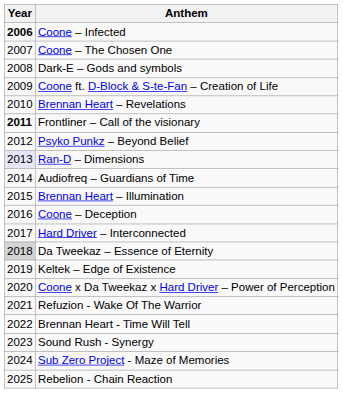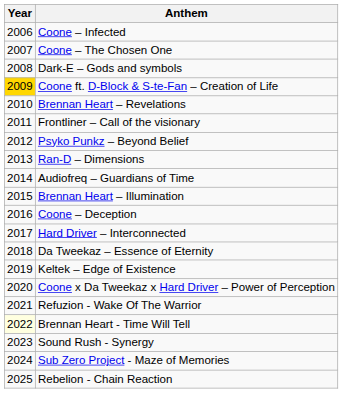 <table class="wikitable">
 <tr>
 <th>Year</th>
 <th>Anthem</th>
 </tr>
 <tr>
-<td><strong>2006</strong></td>
+<td>2006</td>
 <td><a href='#'>Coone</a> – Infected</td>
 </tr>
 <tr>
 <td>2007</td>
 <td><a href='#'>Coone</a> – The Chosen One</td>
 </tr>
 <tr>
 <td>2008</td>
 <td>Dark-E – Gods and symbols</td>
 </tr>
 <tr>
-<td>2009</td>
+<td style="background: gold;">2009</td>
 <td><a href='#'>Coone</a> ft. <a href='#'>D-Block & S-te-Fan</a> – Creation of Life</td>
 </tr>
 <tr>
 <td>2010</td>
 <td><a href='#'>Brennan Heart</a> – Revelations</td>
 </tr>
 <tr>
-<td><strong>2011</strong></td>
+<td>2011</td>
 <td>Frontliner – Call of the visionary</td>
 </tr>
 <tr>
 <td>2012</td>
 <td><a href='#'>Psyko Punkz</a> – Beyond Belief</td>
 </tr>
 <tr>
-<td style="background: lavender;">2013</td>
+<td>2013</td>
 <td><a href='#'>Ran-D</a> – Dimensions</td>
 </tr>
 <tr>
 <td>2014</td>
 <td>Audiofreq – Guardians of Time</td>
 </tr>
 <tr>
 <td>2015</td>
 <td><a href='#'>Brennan Heart</a> – Illumination</td>
 </tr>
 <tr>
 <td>2016</td>
 <td><a href='#'>Coone</a> – Deception</td>
 </tr>
 <tr>
 <td>2017</td>
 <td><a href='#'>Hard Driver</a> – Interconnected</td>
 </tr>
 <tr>
-<td style="background: lightgrey;">2018</td>
+<td>2018</td>
 <td>Da Tweekaz – Essence of Eternity</td>
 </tr>
 <tr>
 <td>2019</td>
 <td>Keltek – Edge of Existence</td>
 </tr>
 <tr>
 <td>2020</td>
 <td><a href='#'>Coone</a> x Da Tweekaz x <a href='#'>Hard Driver</a> – Power of Perception</td>
 </tr>
 <tr>
 <td>2021</td>
 <td>Refuzion - Wake Of The Warrior</td>
 </tr>
 <tr>
-<td>2022</td>
+<td style="background: lightyellow;">2022</td>
 <td>Brennan Heart - Time Will Tell</td>
 </tr>
 <tr>
 <td>2023</td>
 <td>Sound Rush - Synergy</td>
 </tr>
 <tr>
 <td>2024</td>
 <td><a href='#'>Sub Zero Project</a> - Maze of Memories</td>
 </tr>
 <tr>
 <td>2025</td>
 <td>Rebelion - Chain Reaction</td>
 </tr>
 </table>
